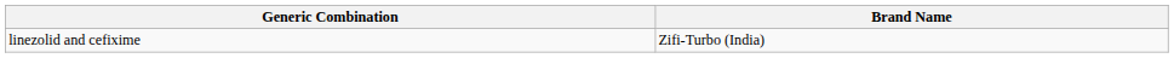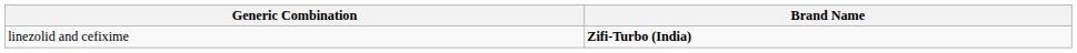 <table class="wikitable mw-collapsible mw-collapsed" style="width:100%">
 <tr>
 <th scope="col">Generic Combination</th>
 <th scope="col">Brand Name</th>
 </tr>
 <tr>
 <td>linezolid and cefixime</td>
-<td>Zifi-Turbo (India)</td>
+<td><strong>Zifi-Turbo (India)</strong></td>
 </tr>
 </table>
